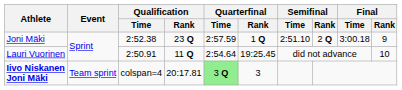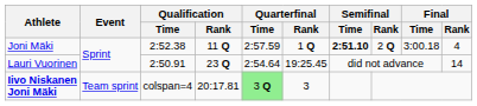 <table class="wikitable" style="font-size:90%">
 <tr>
 <th rowspan="2">Athlete</th>
 <th rowspan="2">Event</th>
 <th colspan="2">Qualification</th>
 <th colspan="2">Quarterfinal</th>
 <th colspan="2">Semifinal</th>
 <th colspan="2">Final</th>
 </tr>
 <tr style="font-size:95%">
 <th>Time</th>
 <th>Rank</th>
 <th>Time</th>
 <th>Rank</th>
 <th>Time</th>
 <th>Rank</th>
 <th>Time</th>
 <th>Rank</th>
 </tr>
 <tr align=center>
 <td align=left><a href='#'>Joni Mäki</a></td>
 <td align=left rowspan=2><a href='#'>Sprint</a></td>
 <td>2:52.38</td>
-<td>23 <strong>Q</strong></td>
+<td>11 <strong>Q</strong></td>
 <td>2:57.59</td>
 <td>1 <strong>Q</strong></td>
-<td>2:51.10</td>
+<td><strong>2:51.10</strong></td>
 <td>2 <strong>Q</strong></td>
 <td>3:00.18</td>
-<td>9</td>
+<td>4</td>
 </tr>
 <tr align=center>
 <td align=left><a href='#'>Lauri Vuorinen</a></td>
 <td>2:50.91</td>
-<td>11 <strong>Q</strong></td>
+<td>23 <strong>Q</strong></td>
 <td>2:54.64</td>
 <td>19:25.45</td>
 <td colspan=3>did not advance</td>
-<td>10</td>
+<td>14</td>
 </tr>
 <tr align=center>
 <td align=left><strong><a href='#'>Iivo Niskanen</a><br><a href='#'>Joni Mäki</a></strong></td>
 <td align=left><a href='#'>Team sprint</a></td>
 <td>colspan=4 </td>
 <td>20:17.81</td>
 <td style="background: lightgreen;">3 <strong>Q</strong></td>
 <td>3</td>
 <td></td>
 </tr>
 </table>
